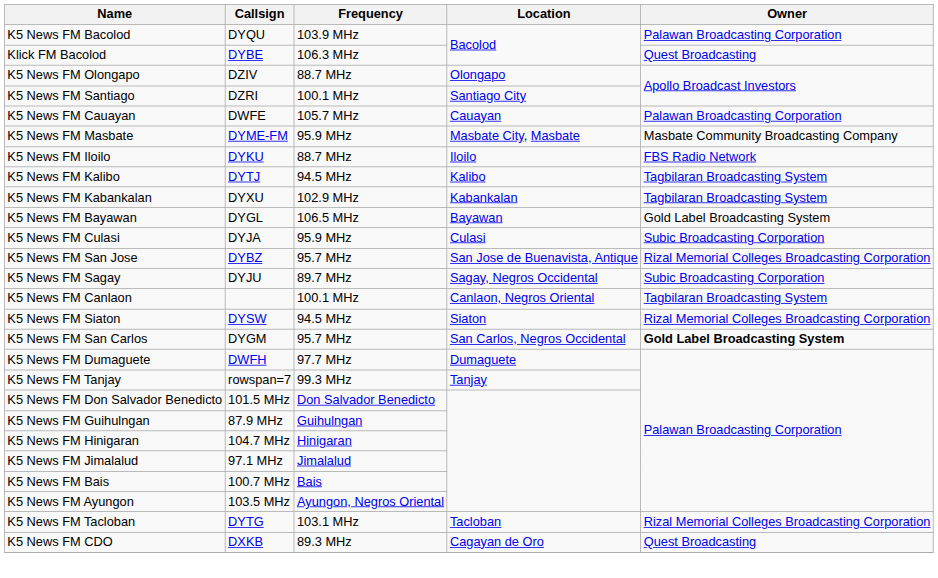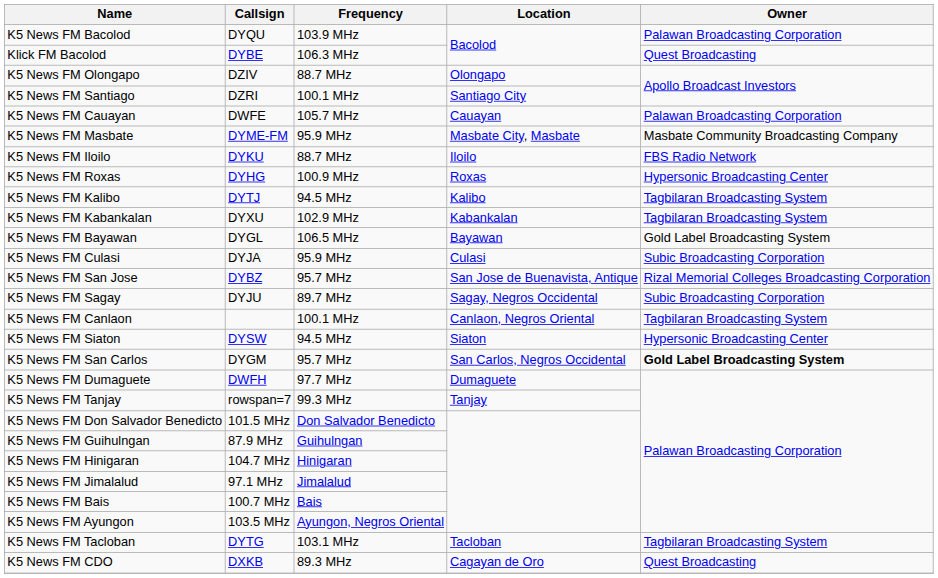 <table class="wikitable">
 <tr>
 <th>Name</th>
 <th>Callsign</th>
 <th>Frequency</th>
 <th>Location</th>
 <th>Owner</th>
 </tr>
 <tr>
 <td>K5 News FM Bacolod</td>
 <td>DYQU</td>
 <td>103.9 MHz</td>
 <td rowspan="2"><a href='#'>Bacolod</a></td>
 <td><a href='#'>Palawan Broadcasting Corporation</a></td>
 </tr>
 <tr>
 <td>Klick FM Bacolod</td>
 <td><a href='#'>DYBE</a></td>
 <td>106.3 MHz</td>
 <td><a href='#'>Quest Broadcasting</a></td>
 </tr>
 <tr>
 <td>K5 News FM Olongapo</td>
 <td>DZIV</td>
 <td>88.7 MHz</td>
 <td><a href='#'>Olongapo</a></td>
 <td rowspan="2"><a href='#'>Apollo Broadcast Investors</a></td>
 </tr>
 <tr>
 <td>K5 News FM Santiago</td>
 <td>DZRI</td>
 <td>100.1 MHz</td>
 <td><a href='#'>Santiago City</a></td>
 </tr>
 <tr>
 <td>K5 News FM Cauayan</td>
 <td>DWFE</td>
 <td>105.7 MHz</td>
 <td><a href='#'>Cauayan</a></td>
 <td><a href='#'>Palawan Broadcasting Corporation</a></td>
 </tr>
 <tr>
 <td>K5 News FM Masbate</td>
 <td><a href='#'>DYME-FM</a></td>
 <td>95.9 MHz</td>
 <td><a href='#'>Masbate City</a>, <a href='#'>Masbate</a></td>
 <td>Masbate Community Broadcasting Company</td>
 </tr>
 <tr>
 <td>K5 News FM Iloilo</td>
 <td><a href='#'>DYKU</a></td>
 <td>88.7 MHz</td>
 <td><a href='#'>Iloilo</a></td>
 <td><a href='#'>FBS Radio Network</a></td>
 </tr>
 <tr>
+<td>K5 News FM Roxas</td>
+<td><a href='#'>DYHG</a></td>
+<td>100.9 MHz</td>
+<td><a href='#'>Roxas</a></td>
+<td><a href='#'>Hypersonic Broadcasting Center</a></td>
+</tr>
+<tr>
 <td>K5 News FM Kalibo</td>
 <td><a href='#'>DYTJ</a></td>
 <td>94.5 MHz</td>
 <td><a href='#'>Kalibo</a></td>
 <td><a href='#'>Tagbilaran Broadcasting System</a></td>
 </tr>
 <tr>
 <td>K5 News FM Kabankalan</td>
 <td>DYXU</td>
 <td>102.9 MHz</td>
 <td><a href='#'>Kabankalan</a></td>
 <td><a href='#'>Tagbilaran Broadcasting System</a></td>
 </tr>
 <tr>
 <td>K5 News FM Bayawan</td>
 <td>DYGL</td>
 <td>106.5 MHz</td>
 <td><a href='#'>Bayawan</a></td>
 <td>Gold Label Broadcasting System</td>
 </tr>
 <tr>
 <td>K5 News FM Culasi</td>
 <td>DYJA</td>
 <td>95.9 MHz</td>
 <td><a href='#'>Culasi</a></td>
 <td><a href='#'>Subic Broadcasting Corporation</a></td>
 </tr>
 <tr>
 <td>K5 News FM San Jose</td>
 <td><a href='#'>DYBZ</a></td>
 <td>95.7 MHz</td>
 <td><a href='#'>San Jose de Buenavista, Antique</a></td>
 <td><a href='#'>Rizal Memorial Colleges Broadcasting Corporation</a></td>
 </tr>
 <tr>
 <td>K5 News FM Sagay</td>
 <td>DYJU</td>
 <td>89.7 MHz</td>
 <td><a href='#'>Sagay, Negros Occidental</a></td>
 <td><a href='#'>Subic Broadcasting Corporation</a></td>
 </tr>
 <tr>
 <td>K5 News FM Canlaon</td>
 <td></td>
 <td>100.1 MHz</td>
 <td><a href='#'>Canlaon, Negros Oriental</a></td>
 <td><a href='#'>Tagbilaran Broadcasting System</a></td>
 </tr>
 <tr>
 <td>K5 News FM Siaton</td>
 <td><a href='#'>DYSW</a></td>
 <td>94.5 MHz</td>
 <td><a href='#'>Siaton</a></td>
-<td><a href='#'>Rizal Memorial Colleges Broadcasting Corporation</a></td>
+<td><a href='#'>Hypersonic Broadcasting Center</a></td>
 </tr>
 <tr>
 <td>K5 News FM San Carlos</td>
 <td>DYGM</td>
 <td>95.7 MHz</td>
 <td><a href='#'>San Carlos, Negros Occidental</a></td>
 <td><strong>Gold Label Broadcasting System</strong></td>
 </tr>
 <tr>
 <td>K5 News FM Dumaguete</td>
 <td><a href='#'>DWFH</a></td>
 <td>97.7 MHz</td>
 <td><a href='#'>Dumaguete</a></td>
 <td rowspan=8><a href='#'>Palawan Broadcasting Corporation</a></td>
 </tr>
 <tr>
 <td>K5 News FM Tanjay</td>
 <td>rowspan=7 </td>
 <td>99.3 MHz</td>
 <td><a href='#'>Tanjay</a></td>
 </tr>
 <tr>
 <td>K5 News FM Don Salvador Benedicto</td>
 <td>101.5 MHz</td>
 <td><a href='#'>Don Salvador Benedicto</a></td>
 </tr>
 <tr>
 <td>K5 News FM Guihulngan</td>
 <td>87.9 MHz</td>
 <td><a href='#'>Guihulngan</a></td>
 </tr>
 <tr>
 <td>K5 News FM Hinigaran</td>
 <td>104.7 MHz</td>
 <td><a href='#'>Hinigaran</a></td>
 </tr>
 <tr>
 <td>K5 News FM Jimalalud</td>
 <td>97.1 MHz</td>
 <td><a href='#'>Jimalalud</a></td>
 </tr>
 <tr>
 <td>K5 News FM Bais</td>
 <td>100.7 MHz</td>
 <td><a href='#'>Bais</a></td>
 </tr>
 <tr>
 <td>K5 News FM Ayungon</td>
 <td>103.5 MHz</td>
 <td><a href='#'>Ayungon, Negros Oriental</a></td>
 </tr>
 <tr>
 <td>K5 News FM Tacloban</td>
 <td><a href='#'>DYTG</a></td>
 <td>103.1 MHz</td>
 <td><a href='#'>Tacloban</a></td>
-<td><a href='#'>Rizal Memorial Colleges Broadcasting Corporation</a></td>
+<td><a href='#'>Tagbilaran Broadcasting System</a></td>
 </tr>
 <tr>
 <td>K5 News FM CDO</td>
 <td><a href='#'>DXKB</a></td>
 <td>89.3 MHz</td>
 <td><a href='#'>Cagayan de Oro</a></td>
 <td><a href='#'>Quest Broadcasting</a></td>
 </tr>
 <tr>
 </tr>
 </table>
